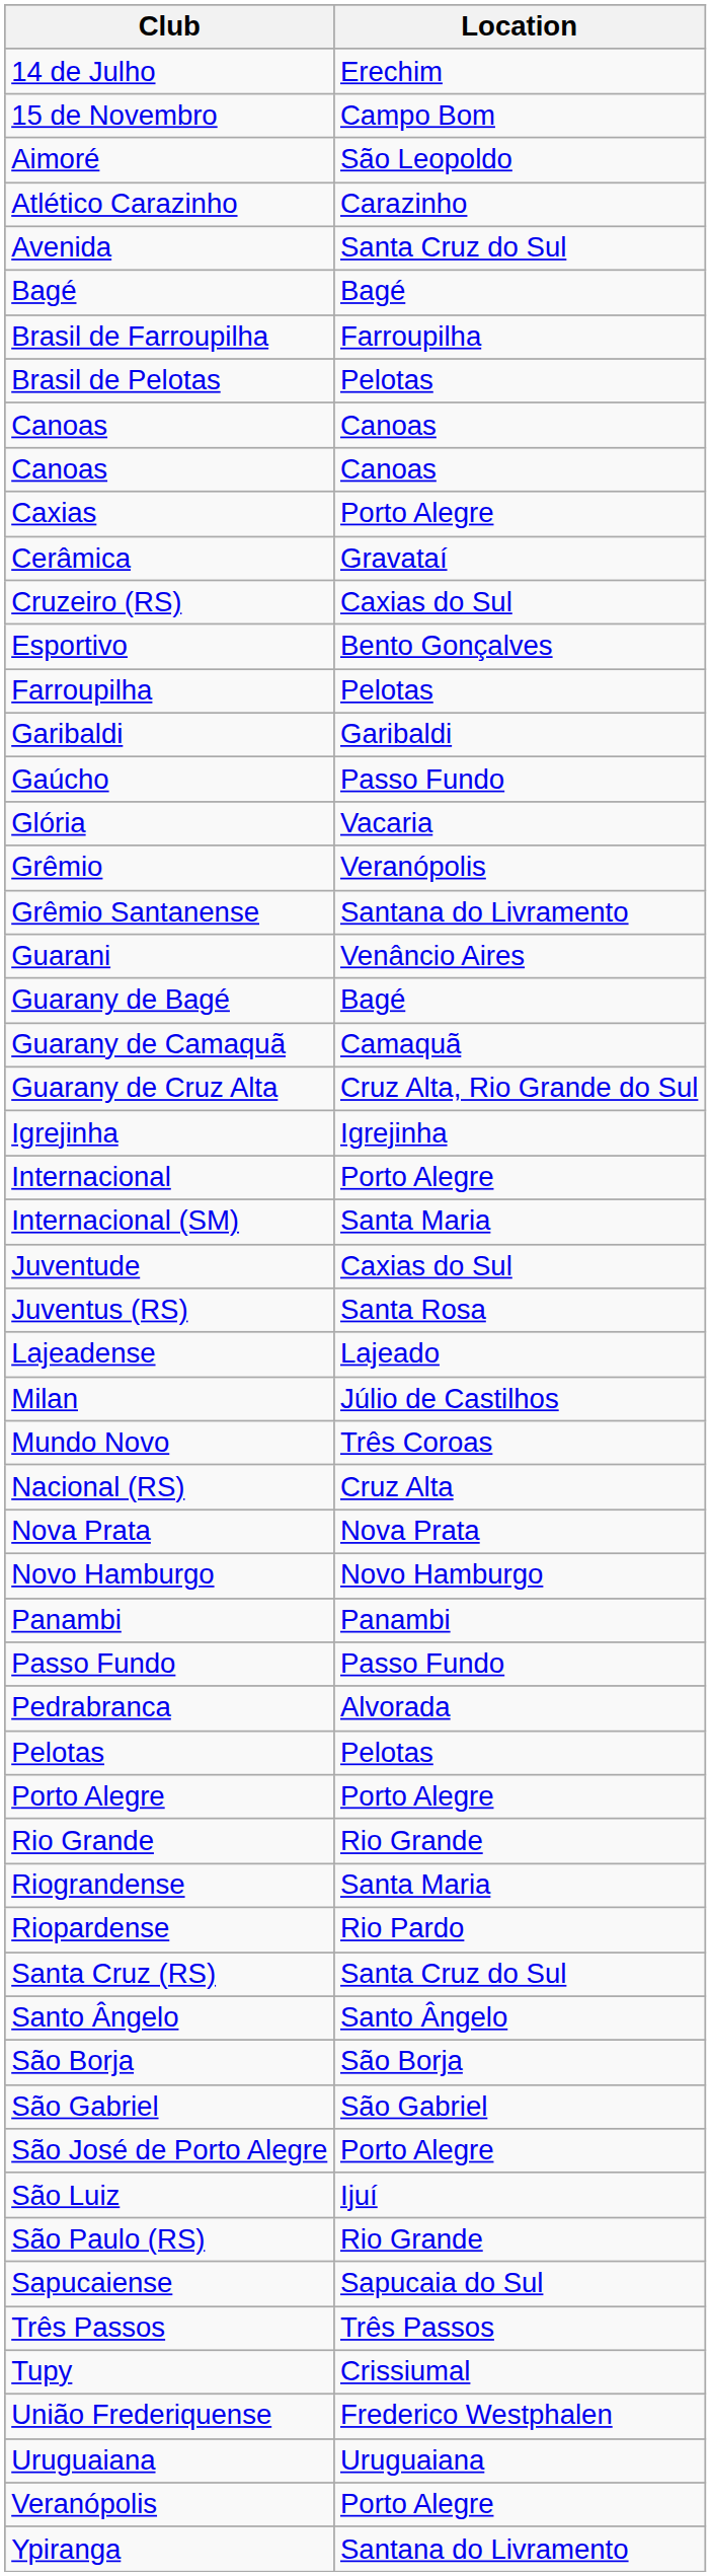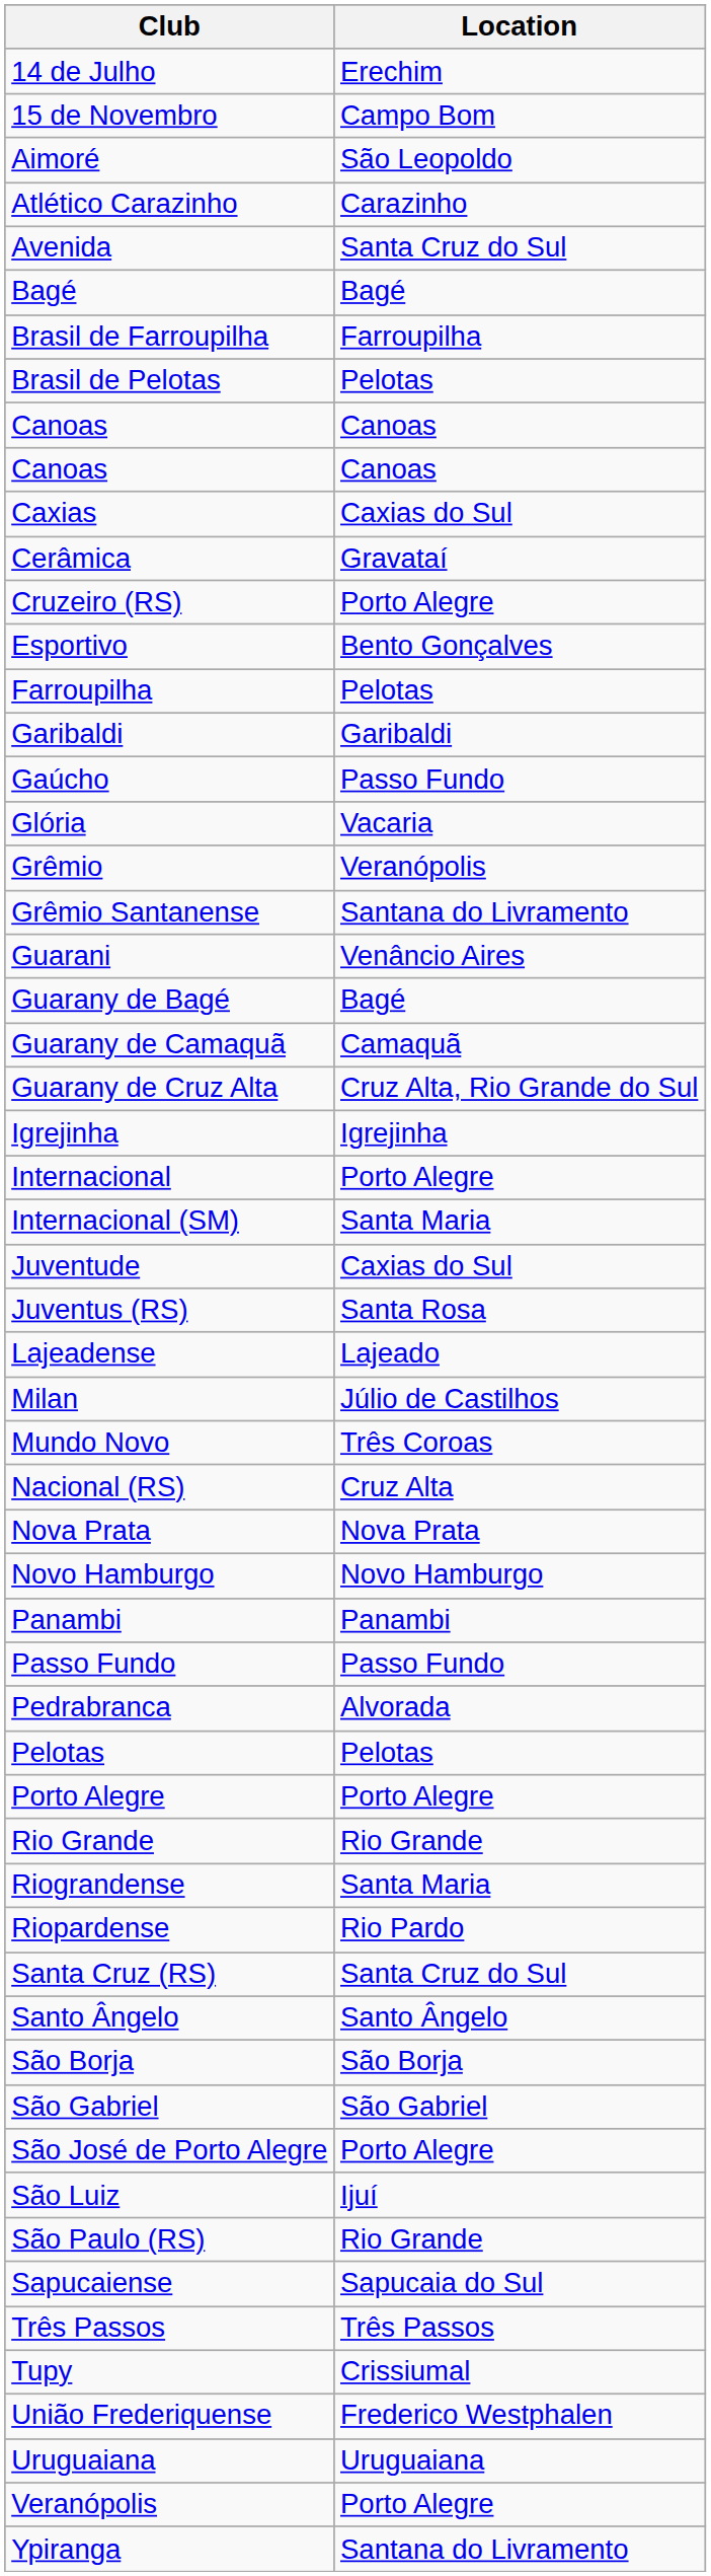 <table class="wikitable sortable">
 <tr>
 <th>Club</th>
 <th>Location</th>
 </tr>
 <tr>
 <td><a href='#'>14 de Julho</a></td>
 <td><a href='#'>Erechim</a></td>
 </tr>
 <tr>
 <td><a href='#'>15 de Novembro</a></td>
 <td><a href='#'>Campo Bom</a></td>
 </tr>
 <tr>
 <td><a href='#'>Aimoré</a></td>
 <td><a href='#'>São Leopoldo</a></td>
 </tr>
 <tr>
 <td><a href='#'>Atlético Carazinho</a></td>
 <td><a href='#'>Carazinho</a></td>
 </tr>
 <tr>
 <td><a href='#'>Avenida</a></td>
 <td><a href='#'>Santa Cruz do Sul</a></td>
 </tr>
 <tr>
 <td><a href='#'>Bagé</a></td>
 <td><a href='#'>Bagé</a></td>
 </tr>
 <tr>
 <td><a href='#'>Brasil de Farroupilha</a></td>
 <td><a href='#'>Farroupilha</a></td>
 </tr>
 <tr>
 <td><a href='#'>Brasil de Pelotas</a></td>
 <td><a href='#'>Pelotas</a></td>
 </tr>
 <tr>
 <td><a href='#'>Canoas</a></td>
 <td><a href='#'>Canoas</a></td>
 </tr>
 <tr>
 <td><a href='#'>Canoas</a></td>
 <td><a href='#'>Canoas</a></td>
 </tr>
 <tr>
 <td><a href='#'>Caxias</a></td>
-<td><a href='#'>Porto Alegre</a></td>
+<td><a href='#'>Caxias do Sul</a></td>
 </tr>
 <tr>
 <td><a href='#'>Cerâmica</a></td>
 <td><a href='#'>Gravataí</a></td>
 </tr>
 <tr>
 <td><a href='#'>Cruzeiro (RS)</a></td>
-<td><a href='#'>Caxias do Sul</a></td>
+<td><a href='#'>Porto Alegre</a></td>
 </tr>
 <tr>
 <td><a href='#'>Esportivo</a></td>
 <td><a href='#'>Bento Gonçalves</a></td>
 </tr>
 <tr>
 <td><a href='#'>Farroupilha</a></td>
 <td><a href='#'>Pelotas</a></td>
 </tr>
 <tr>
 <td><a href='#'>Garibaldi</a></td>
 <td><a href='#'>Garibaldi</a></td>
 </tr>
 <tr>
 <td><a href='#'>Gaúcho</a></td>
 <td><a href='#'>Passo Fundo</a></td>
 </tr>
 <tr>
 <td><a href='#'>Glória</a></td>
 <td><a href='#'>Vacaria</a></td>
 </tr>
 <tr>
 <td><a href='#'>Grêmio</a></td>
 <td><a href='#'>Veranópolis</a></td>
 </tr>
 <tr>
 <td><a href='#'>Grêmio Santanense</a></td>
 <td><a href='#'>Santana do Livramento</a></td>
 </tr>
 <tr>
 <td><a href='#'>Guarani</a></td>
 <td><a href='#'>Venâncio Aires</a></td>
 </tr>
 <tr>
 <td><a href='#'>Guarany de Bagé</a></td>
 <td><a href='#'>Bagé</a></td>
 </tr>
 <tr>
 <td><a href='#'>Guarany de Camaquã</a></td>
 <td><a href='#'>Camaquã</a></td>
 </tr>
 <tr>
 <td><a href='#'>Guarany de Cruz Alta</a></td>
 <td><a href='#'>Cruz Alta, Rio Grande do Sul</a></td>
 </tr>
 <tr>
 <td><a href='#'>Igrejinha</a></td>
 <td><a href='#'>Igrejinha</a></td>
 </tr>
 <tr>
 <td><a href='#'>Internacional</a></td>
 <td><a href='#'>Porto Alegre</a></td>
 </tr>
 <tr>
 <td><a href='#'>Internacional (SM)</a></td>
 <td><a href='#'>Santa Maria</a></td>
 </tr>
 <tr>
 <td><a href='#'>Juventude</a></td>
 <td><a href='#'>Caxias do Sul</a></td>
 </tr>
 <tr>
 <td><a href='#'>Juventus (RS)</a></td>
 <td><a href='#'>Santa Rosa</a></td>
 </tr>
 <tr>
 <td><a href='#'>Lajeadense</a></td>
 <td><a href='#'>Lajeado</a></td>
 </tr>
 <tr>
 <td><a href='#'>Milan</a></td>
 <td><a href='#'>Júlio de Castilhos</a></td>
 </tr>
 <tr>
 <td><a href='#'>Mundo Novo</a></td>
 <td><a href='#'>Três Coroas</a></td>
 </tr>
 <tr>
 <td><a href='#'>Nacional (RS)</a></td>
 <td><a href='#'>Cruz Alta</a></td>
 </tr>
 <tr>
 <td><a href='#'>Nova Prata</a></td>
 <td><a href='#'>Nova Prata</a></td>
 </tr>
 <tr>
 <td><a href='#'>Novo Hamburgo</a></td>
 <td><a href='#'>Novo Hamburgo</a></td>
 </tr>
 <tr>
 <td><a href='#'>Panambi</a></td>
 <td><a href='#'>Panambi</a></td>
 </tr>
 <tr>
 <td><a href='#'>Passo Fundo</a></td>
 <td><a href='#'>Passo Fundo</a></td>
 </tr>
 <tr>
 <td><a href='#'>Pedrabranca</a></td>
 <td><a href='#'>Alvorada</a></td>
 </tr>
 <tr>
 <td><a href='#'>Pelotas</a></td>
 <td><a href='#'>Pelotas</a></td>
 </tr>
 <tr>
 <td><a href='#'>Porto Alegre</a></td>
 <td><a href='#'>Porto Alegre</a></td>
 </tr>
 <tr>
 <td><a href='#'>Rio Grande</a></td>
 <td><a href='#'>Rio Grande</a></td>
 </tr>
 <tr>
 <td><a href='#'>Riograndense</a></td>
 <td><a href='#'>Santa Maria</a></td>
 </tr>
 <tr>
 <td><a href='#'>Riopardense</a></td>
 <td><a href='#'>Rio Pardo</a></td>
 </tr>
 <tr>
 <td><a href='#'>Santa Cruz (RS)</a></td>
 <td><a href='#'>Santa Cruz do Sul</a></td>
 </tr>
 <tr>
 <td><a href='#'>Santo Ângelo</a></td>
 <td><a href='#'>Santo Ângelo</a></td>
 </tr>
 <tr>
 <td><a href='#'>São Borja</a></td>
 <td><a href='#'>São Borja</a></td>
 </tr>
 <tr>
 <td><a href='#'>São Gabriel</a></td>
 <td><a href='#'>São Gabriel</a></td>
 </tr>
 <tr>
 <td><a href='#'>São José de Porto Alegre</a></td>
 <td><a href='#'>Porto Alegre</a></td>
 </tr>
 <tr>
 <td><a href='#'>São Luiz</a></td>
 <td><a href='#'>Ijuí</a></td>
 </tr>
 <tr>
 <td><a href='#'>São Paulo (RS)</a></td>
 <td><a href='#'>Rio Grande</a></td>
 </tr>
 <tr>
 <td><a href='#'>Sapucaiense</a></td>
 <td><a href='#'>Sapucaia do Sul</a></td>
 </tr>
 <tr>
 <td><a href='#'>Três Passos</a></td>
 <td><a href='#'>Três Passos</a></td>
 </tr>
 <tr>
 <td><a href='#'>Tupy</a></td>
 <td><a href='#'>Crissiumal</a></td>
 </tr>
 <tr>
 <td><a href='#'>União Frederiquense</a></td>
 <td><a href='#'>Frederico Westphalen</a></td>
 </tr>
 <tr>
 <td><a href='#'>Uruguaiana</a></td>
 <td><a href='#'>Uruguaiana</a></td>
 </tr>
 <tr>
 <td><a href='#'>Veranópolis</a></td>
 <td><a href='#'>Porto Alegre</a></td>
 </tr>
 <tr>
 <td><a href='#'>Ypiranga</a></td>
 <td><a href='#'>Santana do Livramento</a></td>
 </tr>
 </table>
